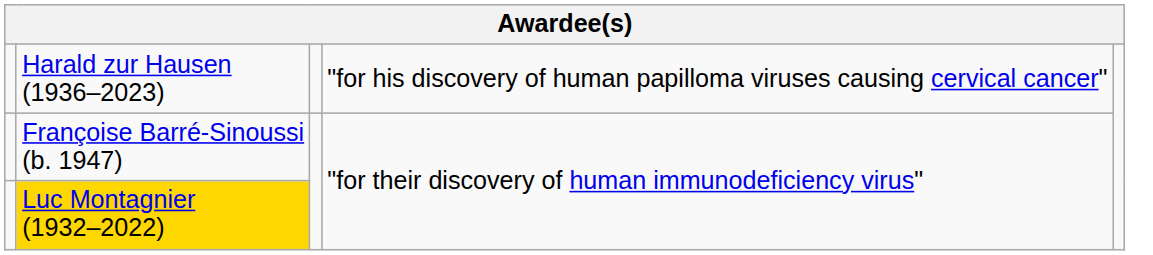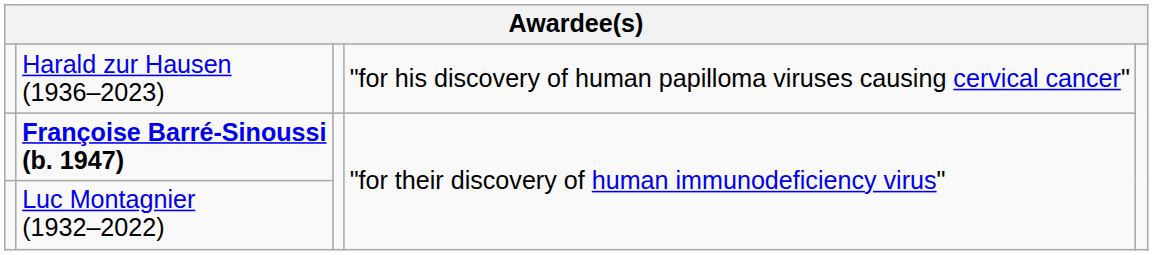 <table class="wikitable">
 <tr>
 <th colspan="5">Awardee(s)</th>
 </tr>
 <tr>
 <td></td>
 <td><a href='#'>Harald zur Hausen</a><br>(1936–2023)</td>
 <td></td>
 <td>"for his discovery of human papilloma viruses causing <a href='#'>cervical cancer</a>"</td>
 <td rowspan="3"></td>
 </tr>
 <tr>
 <td></td>
-<td><a href='#'>Françoise Barré-Sinoussi</a><br>(b. 1947)</td>
+<td><strong><a href='#'>Françoise Barré-Sinoussi</a><br>(b. 1947)</strong></td>
 <td rowspan="2"></td>
 <td rowspan="2">"for their discovery of <a href='#'>human immunodeficiency virus</a>"</td>
 </tr>
 <tr>
 <td></td>
-<td style="background: gold;"><a href='#'>Luc Montagnier</a><br>(1932–2022)</td>
+<td><a href='#'>Luc Montagnier</a><br>(1932–2022)</td>
 </tr>
 </table>
